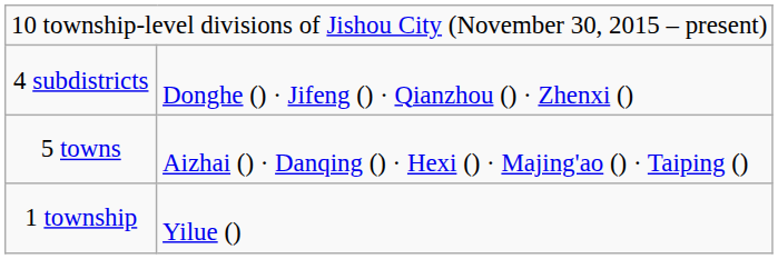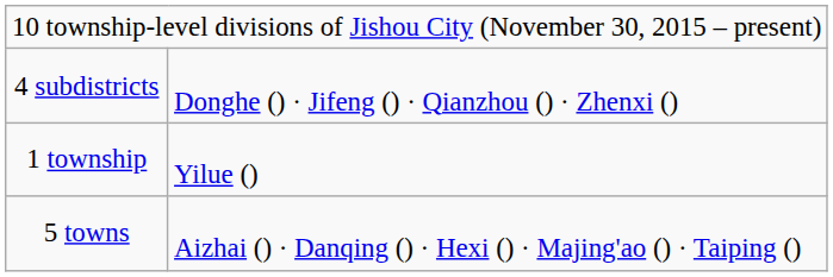 <table class="wikitable">
 <tr>
 <td style="text-align:center;" colspan="2">10 township-level divisions of <a href='#'>Jishou City</a> (November 30, 2015 – present)</td>
 </tr>
 <tr align=left>
 <td align=center>4 <a href='#'>subdistricts</a></td>
 <td><br><a href='#'>Donghe</a> () · <a href='#'>Jifeng</a> () · <a href='#'>Qianzhou</a> () · <a href='#'>Zhenxi</a> ()</td>
 </tr>
 <tr align=left>
+<td align=center>1 <a href='#'>township</a></td>
+<td><br><a href='#'>Yilue</a> ()</td>
+</tr>
+<tr align=left>
 <td align=center>5 <a href='#'>towns</a></td>
 <td><br><a href='#'>Aizhai</a> () · <a href='#'>Danqing</a> () · <a href='#'>Hexi</a> () · <a href='#'>Majing'ao</a> () · <a href='#'>Taiping</a> ()</td>
 </tr>
-<tr align=left>
-<td align=center>1 <a href='#'>township</a></td>
-<td><br><a href='#'>Yilue</a> ()</td>
-</tr>
 </table>
